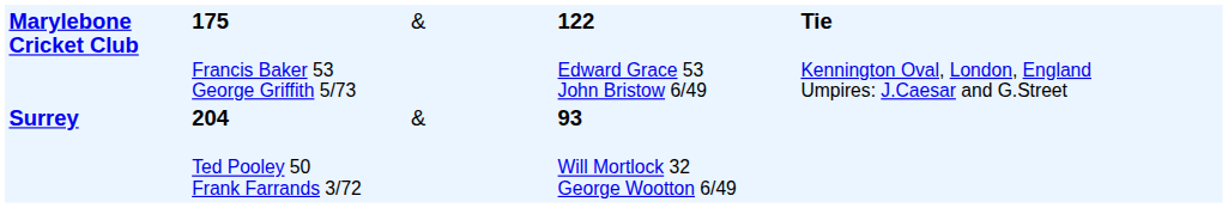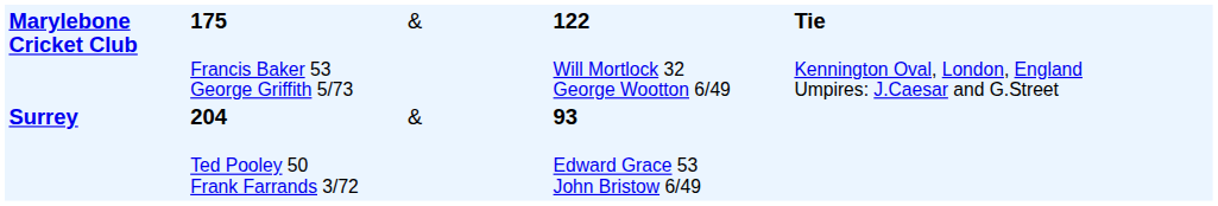 <table width="100%" style="background: #EBF5FF">
 <tr>
 <td width="15%" valign="top" rowspan="2"><strong><a href='#'>Marylebone Cricket Club</a></strong></td>
 <td width="18%"><strong>175</strong></td>
 <td width="12%">&</td>
 <td width="20%"><strong>122</strong></td>
 <td width="35%"><strong>Tie</strong></td>
 </tr>
 <tr>
 <td style="font-size: 85%;" valign="top"><br><a href='#'>Francis Baker</a> 53<br> <a href='#'>George Griffith</a> 5/73</td>
 <td></td>
-<td style="font-size: 85%;"><br><a href='#'>Edward Grace</a> 53<br> <a href='#'>John Bristow</a> 6/49</td>
+<td valign="top" style="font-size: 85%;"><br><a href='#'>Will Mortlock</a> 32<br> <a href='#'>George Wootton</a> 6/49</td>
 <td valign="top" style="font-size: 85%;" rowspan="3"><br><a href='#'>Kennington Oval</a>, <a href='#'>London</a>, <a href='#'>England</a><br> Umpires: <a href='#'>J.Caesar</a> and G.Street</td>
 </tr>
 <tr>
 <td valign="top" rowspan="2"><strong><a href='#'>Surrey</a></strong></td>
 <td><strong>204</strong></td>
 <td>&</td>
 <td><strong>93</strong></td>
 </tr>
 <tr>
 <td style="font-size: 85%;"><br><a href='#'>Ted Pooley</a> 50<br> <a href='#'>Frank Farrands</a> 3/72</td>
 <td></td>
-<td valign="top" style="font-size: 85%;"><br><a href='#'>Will Mortlock</a> 32<br> <a href='#'>George Wootton</a> 6/49</td>
+<td style="font-size: 85%;"><br><a href='#'>Edward Grace</a> 53<br> <a href='#'>John Bristow</a> 6/49</td>
 </tr>
 </table>
